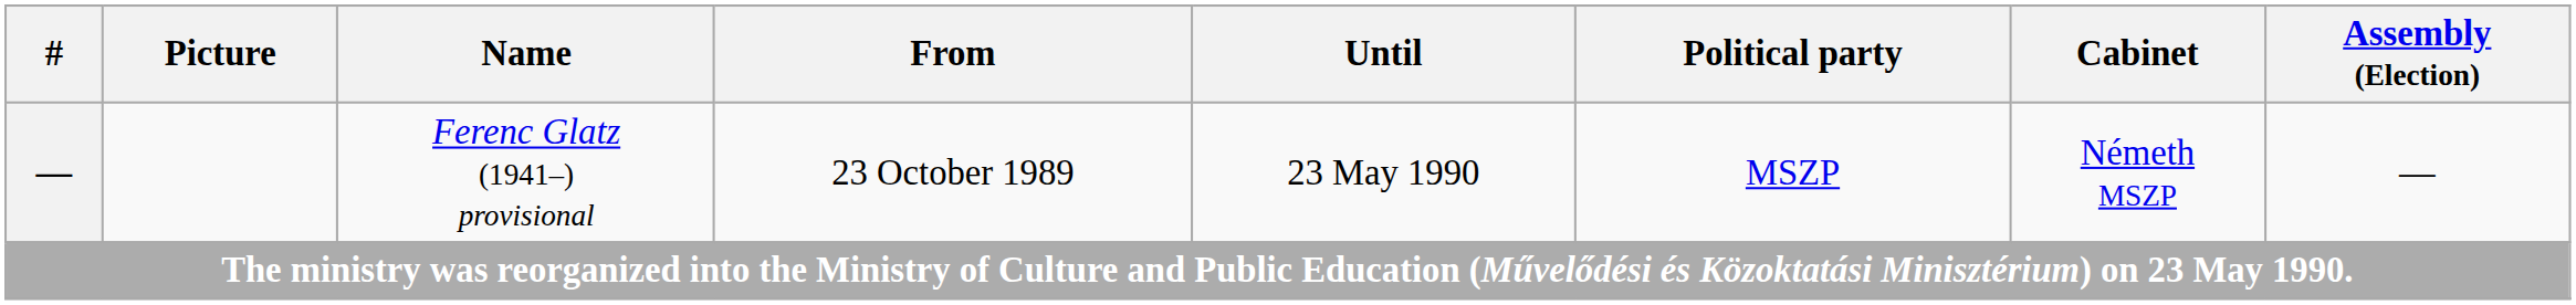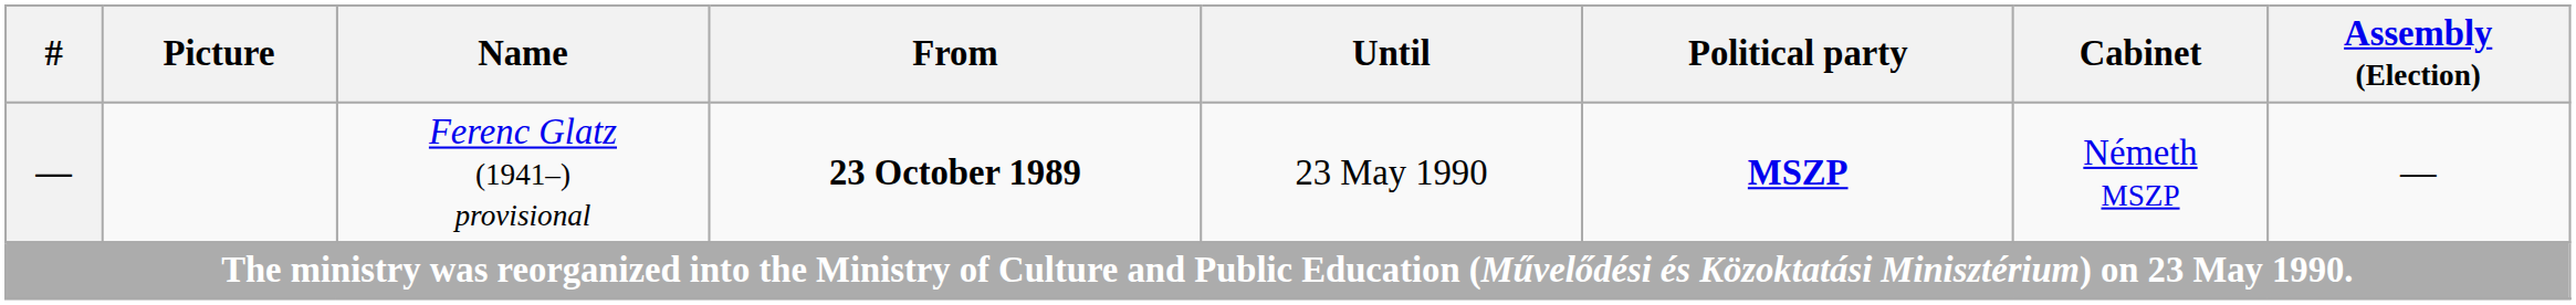 <table width=90% class="wikitable" style="text-align:center">
 <tr>
 <th>#</th>
 <th>Picture</th>
 <th>Name</th>
 <th>From</th>
 <th>Until</th>
 <th>Political party</th>
 <th>Cabinet</th>
 <th><a href='#'>Assembly</a><br><small>(Election)</small></th>
 </tr>
 <tr>
 <th style="background:">—</th>
 <td></td>
 <td><em><a href='#'>Ferenc Glatz</a></em><br><small>(1941–)<br><em>provisional</em></small></td>
-<td>23 October 1989</td>
+<td><strong>23 October 1989</strong></td>
 <td>23 May 1990</td>
-<td><a href='#'>MSZP</a></td>
+<td><strong><a href='#'>MSZP</a></strong></td>
 <td><a href='#'>Németh</a><br><small><a href='#'>MSZP</a></small></td>
 <td>—</td>
 </tr>
 <tr>
 <th colspan="8" style="background-color:#ACACAC; color:white">The ministry was reorganized into the Ministry of Culture and Public Education (<em>Művelődési és Közoktatási Minisztérium</em>) on 23 May 1990.</th>
 </tr>
 <tr>
 </tr>
 </table>
